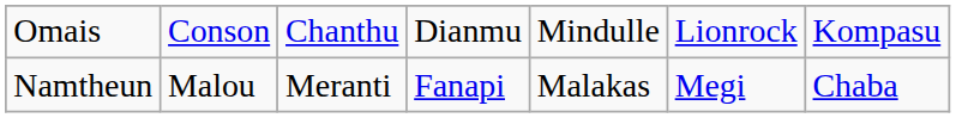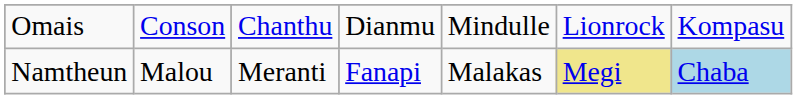 <table class="wikitable">
 <tr>
 <td>Omais</td>
 <td><a href='#'>Conson</a></td>
 <td><a href='#'>Chanthu</a></td>
 <td>Dianmu</td>
 <td>Mindulle</td>
 <td><a href='#'>Lionrock</a></td>
 <td><a href='#'>Kompasu</a></td>
 </tr>
 <tr>
 <td>Namtheun</td>
 <td>Malou</td>
 <td>Meranti</td>
 <td><a href='#'>Fanapi</a></td>
 <td>Malakas</td>
-<td><a href='#'>Megi</a></td>
-<td><a href='#'>Chaba</a></td>
+<td style="background: khaki;"><a href='#'>Megi</a></td>
+<td style="background: lightblue;"><a href='#'>Chaba</a></td>
 </tr>
 </table>
